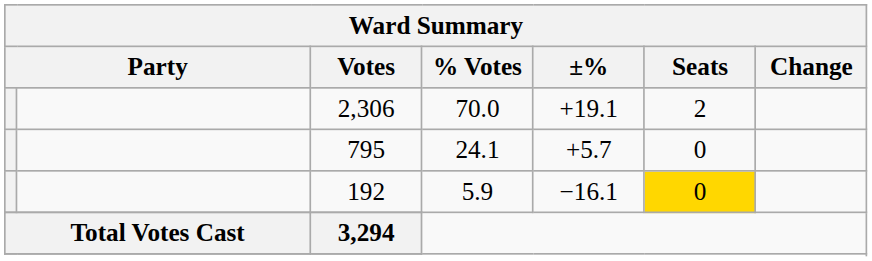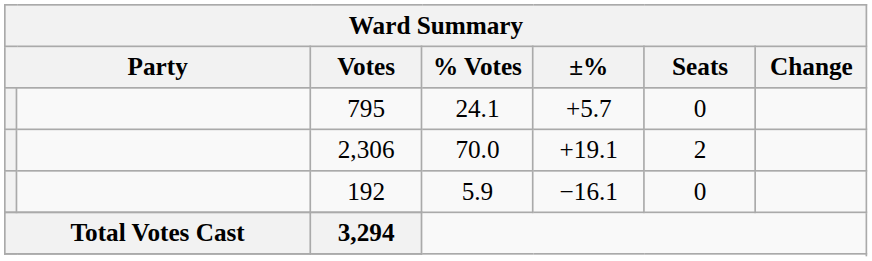 <table class="wikitable" style="font-size: 95%;">
 <tr style="background-color:#E9E9E9">
 <th colspan="7">Ward Summary</th>
 </tr>
 <tr style="background-color:#E9E9E9">
 <th colspan="2">Party</th>
 <th style="width: 60px">Votes</th>
 <th style="width: 60px">% Votes</th>
 <th style="width: 60px">±%</th>
 <th style="width: 60px">Seats</th>
 <th style="width: 60px">Change</th>
 </tr>
 <tr>
 <th style="background-color: "></th>
 <td style="width: 170px"><a href='#'></a></td>
+<td align="center">795</td>
+<td align="center">24.1</td>
+<td align="center">+5.7</td>
+<td align="center">0</td>
+<td align="center"></td>
+</tr>
+<tr>
+<th style="background-color: "></th>
+<td style="width: 170px"><a href='#'></a></td>
 <td align="center">2,306</td>
 <td align="center">70.0</td>
 <td align="center">+19.1</td>
 <td align="center">2</td>
 <td align="center"></td>
 </tr>
 <tr>
 <th style="background-color: "></th>
 <td style="width: 170px"><a href='#'></a></td>
-<td align="center">795</td>
-<td align="center">24.1</td>
-<td align="center">+5.7</td>
-<td align="center">0</td>
-<td align="center"></td>
-</tr>
-<tr>
-<th style="background-color: "></th>
-<td style="width: 170px"><a href='#'></a></td>
 <td align="center">192</td>
 <td align="center">5.9</td>
 <td align="center">−16.1</td>
-<td align="center" style="background: gold;">0</td>
+<td align="center">0</td>
 <td align="center"></td>
 </tr>
 <tr>
 </tr>
 <tr style="background-color:#E9E9E9">
 <th colspan="2">Total Votes Cast</th>
 <th style="width: 60px">3,294</th>
 </tr>
 <tr style="background-color:#E9E9E9">
 </tr>
 </table>
